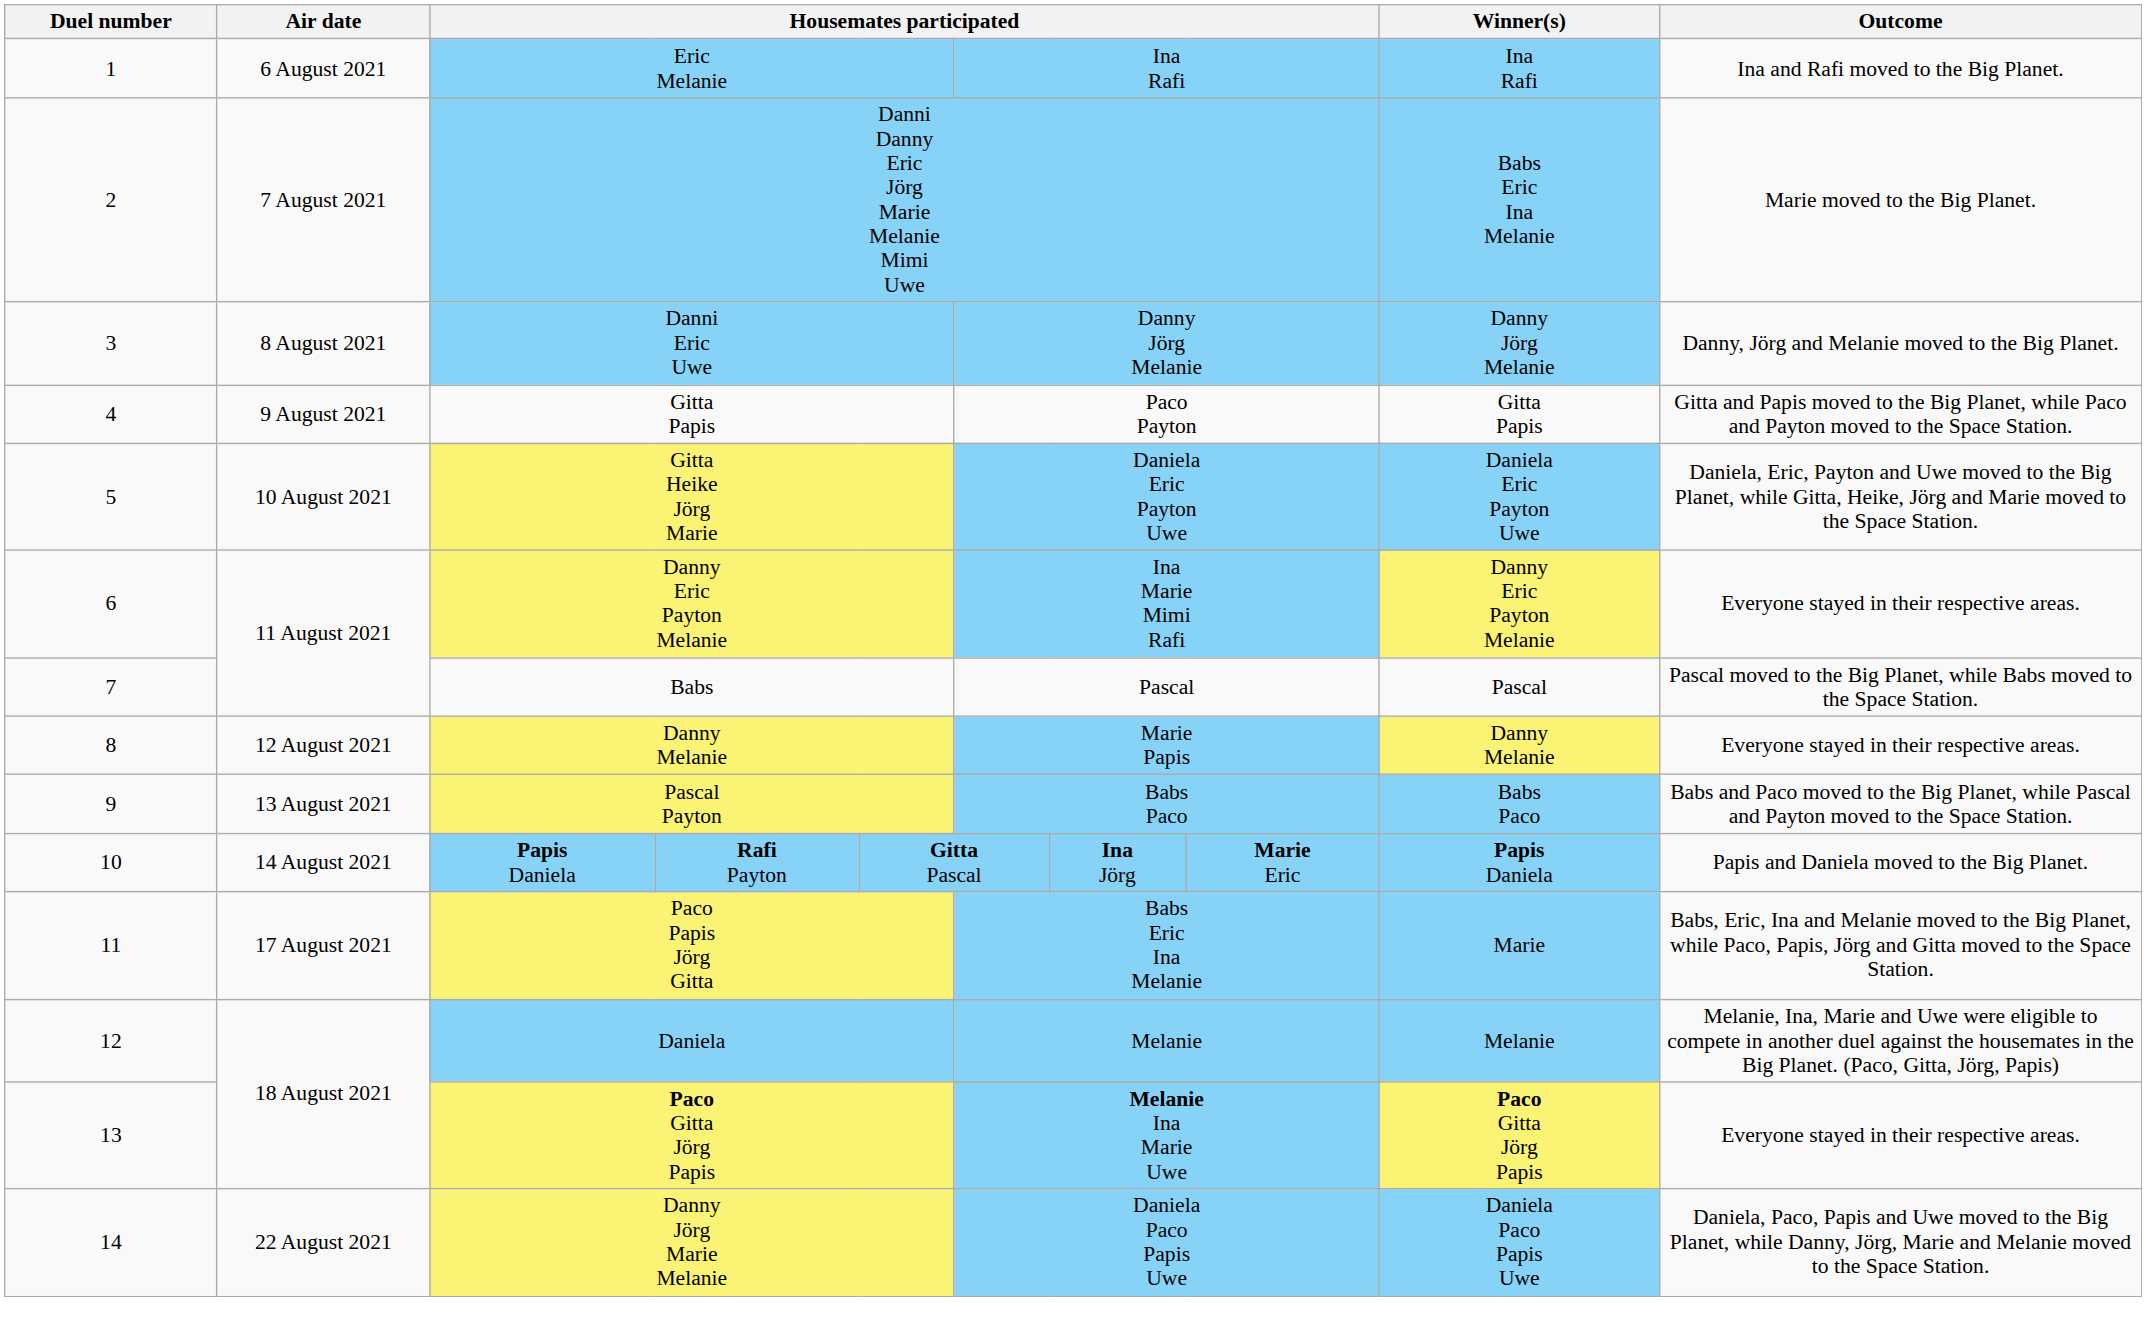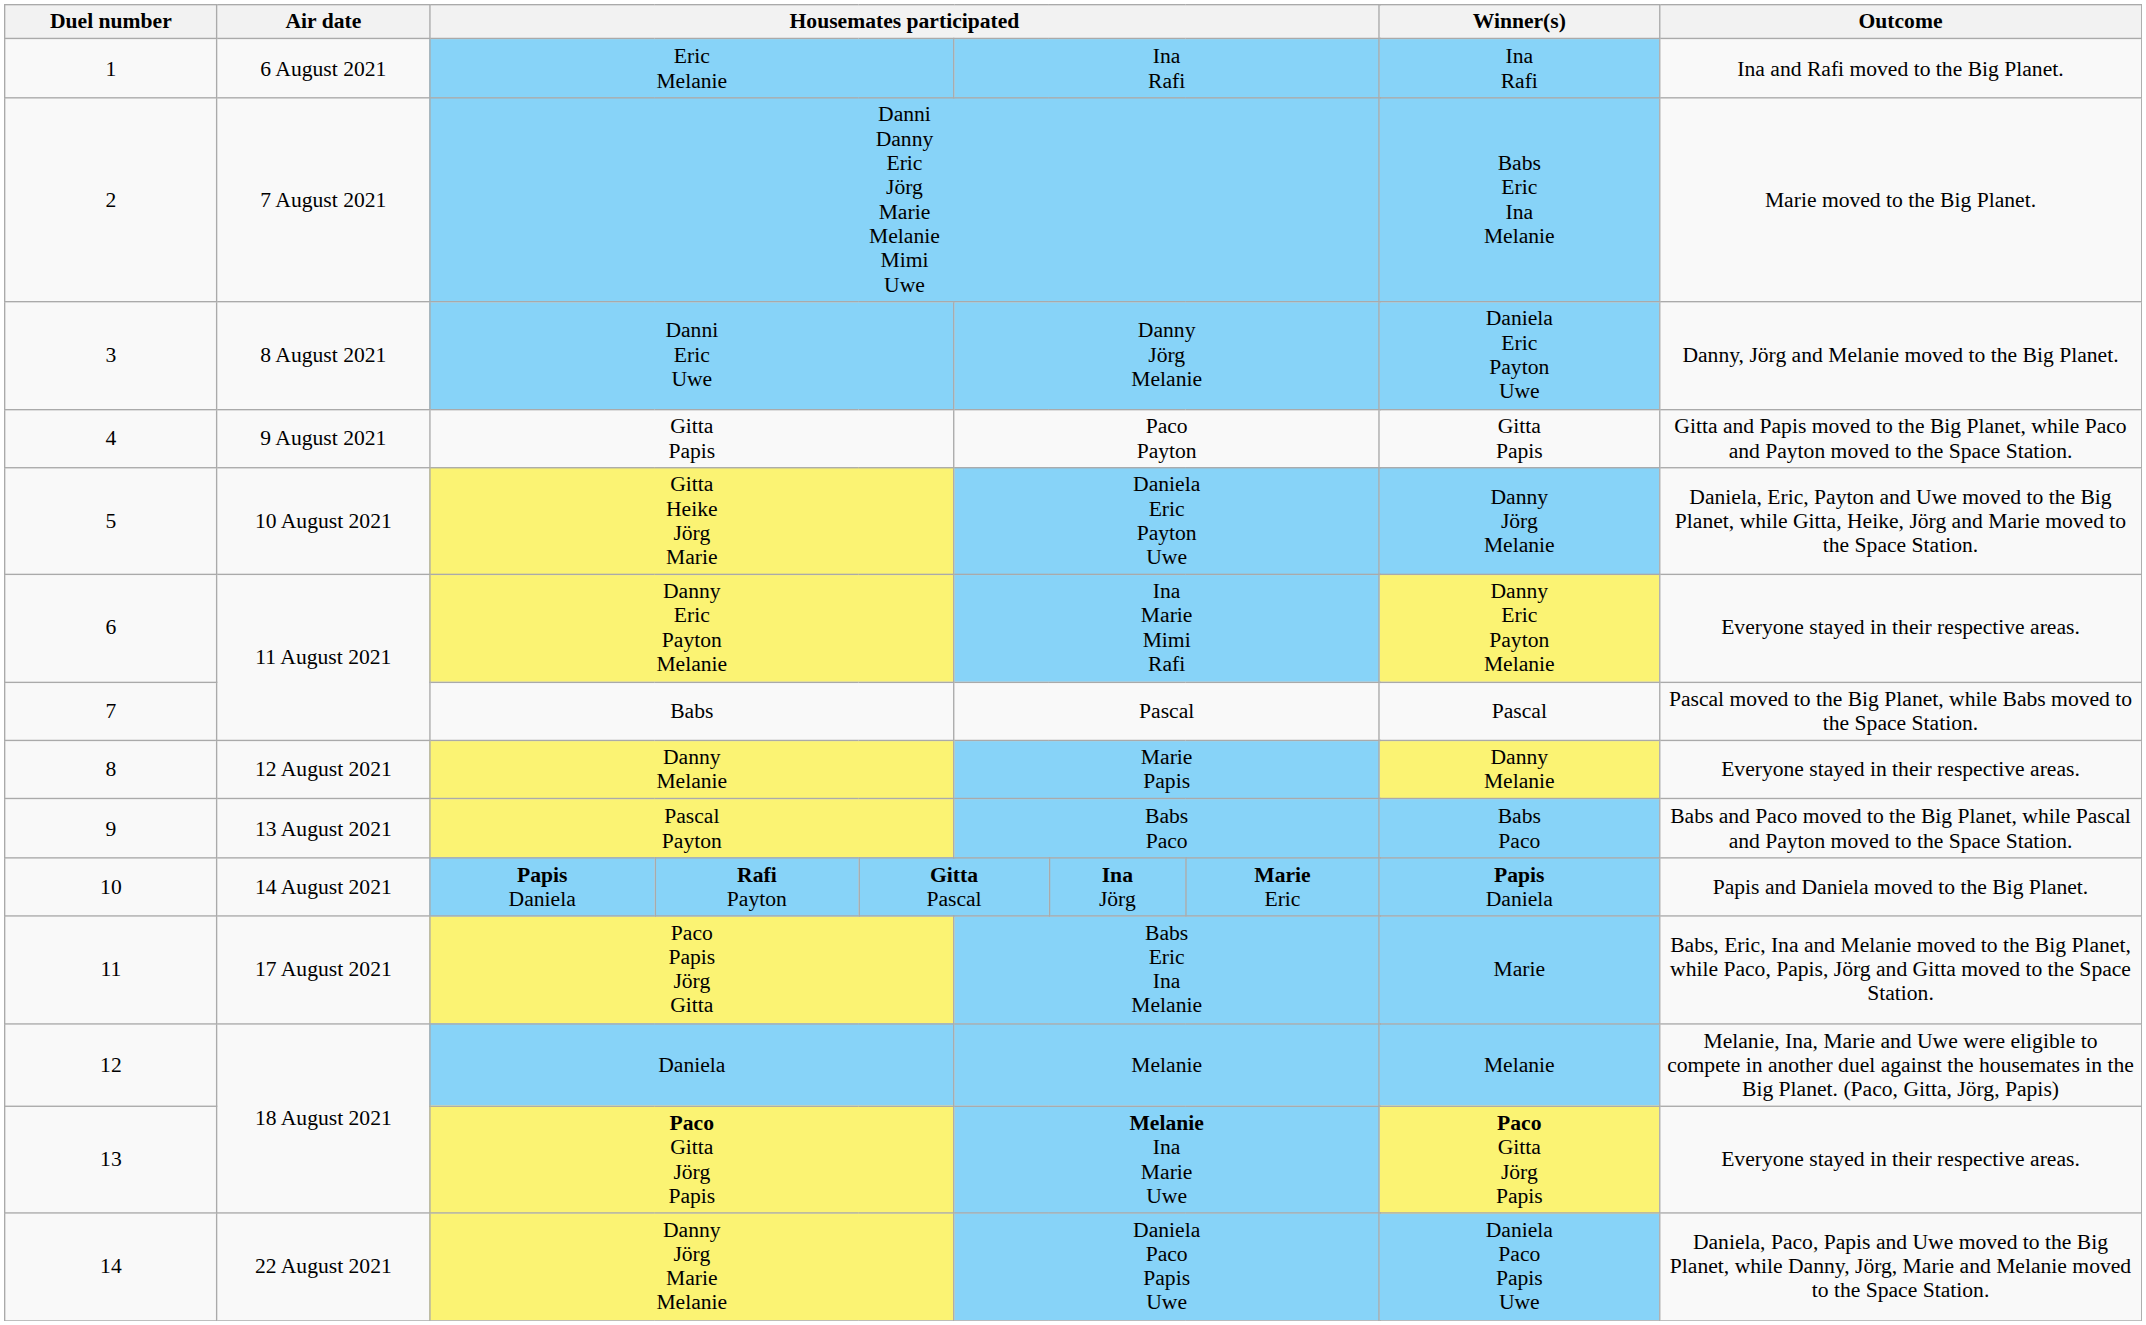 <table class="wikitable" style="width:100%; text-align:center;">
 <tr>
 <th scope="col" style="width:150px">Duel number</th>
 <th scope="col" style="width:150px">Air date</th>
 <th scope="col" style="width:600px" colspan="10">Housemates participated</th>
 <th scope="col" style="width:200px">Winner(s)</th>
 <th scope="col" style="width:350px">Outcome</th>
 </tr>
 <tr>
 <td>1</td>
 <td>6 August 2021</td>
 <td colspan="5" style="background-color:#87D3F8">Eric<br>Melanie</td>
 <td colspan="5" style="background-color:#87D3F8">Ina<br>Rafi</td>
 <td style="background-color:#87D3F8">Ina<br>Rafi</td>
 <td>Ina and Rafi moved to the Big Planet.</td>
 </tr>
 <tr>
 <td>2</td>
 <td>7 August 2021</td>
 <td style="background-color:#87D3F8" colspan="10">Danni<br>Danny<br>Eric<br>Jörg<br>Marie<br>Melanie<br>Mimi<br>Uwe</td>
 <td style="background-color:#87D3F8">Babs<br>Eric<br>Ina<br>Melanie</td>
 <td>Marie moved to the Big Planet.</td>
 </tr>
 <tr>
 <td>3</td>
 <td>8 August 2021</td>
 <td colspan="5" style="background-color:#87D3F8">Danni<br>Eric<br>Uwe</td>
 <td colspan="5" style="background-color:#87D3F8">Danny<br>Jörg<br>Melanie</td>
-<td style="background-color:#87D3F8">Danny<br>Jörg<br>Melanie</td>
+<td style="background-color:#87D3F8">Daniela<br>Eric<br>Payton<br>Uwe</td>
 <td>Danny, Jörg and Melanie moved to the Big Planet.</td>
 </tr>
 <tr>
 <td>4</td>
 <td>9 August 2021</td>
 <td colspan="5">Gitta<br>Papis</td>
 <td colspan="5">Paco<br>Payton</td>
 <td>Gitta<br>Papis</td>
 <td>Gitta and Papis moved to the Big Planet, while Paco and Payton moved to the Space Station.</td>
 </tr>
 <tr>
 <td>5</td>
 <td>10 August 2021</td>
 <td colspan="5" style="background-color:#FBF373">Gitta<br>Heike<br>Jörg<br>Marie</td>
 <td colspan="5" style="background-color:#87D3F8">Daniela<br>Eric<br>Payton<br>Uwe</td>
-<td style="background-color:#87D3F8">Daniela<br>Eric<br>Payton<br>Uwe</td>
+<td style="background-color:#87D3F8">Danny<br>Jörg<br>Melanie</td>
 <td>Daniela, Eric, Payton and Uwe moved to the Big Planet, while Gitta, Heike, Jörg and Marie moved to the Space Station.</td>
 </tr>
 <tr>
 <td>6</td>
 <td rowspan="2">11 August 2021</td>
 <td colspan="5" style="background-color:#FBF373">Danny<br>Eric<br>Payton<br>Melanie</td>
 <td colspan="5" style="background-color:#87D3F8">Ina<br>Marie<br>Mimi<br>Rafi</td>
 <td style="background-color:#FBF373">Danny<br>Eric<br>Payton<br>Melanie</td>
 <td>Everyone stayed in their respective areas.</td>
 </tr>
 <tr>
 <td>7</td>
 <td colspan="5">Babs</td>
 <td colspan="5">Pascal</td>
 <td>Pascal</td>
 <td>Pascal moved to the Big Planet, while Babs moved to the Space Station.</td>
 </tr>
 <tr>
 <td>8</td>
 <td>12 August 2021</td>
 <td colspan="5" style="background-color:#FBF373">Danny<br>Melanie</td>
 <td colspan="5" style="background-color:#87D3F8">Marie<br>Papis</td>
 <td style="background-color:#FBF373">Danny<br>Melanie</td>
 <td>Everyone stayed in their respective areas.</td>
 </tr>
 <tr>
 <td>9</td>
 <td>13 August 2021</td>
 <td colspan="5" style="background-color:#FBF373">Pascal<br>Payton</td>
 <td colspan="5" style="background-color:#87D3F8">Babs<br>Paco</td>
 <td style="background-color:#87D3F8">Babs<br>Paco</td>
 <td>Babs and Paco moved to the Big Planet, while Pascal and Payton moved to the Space Station.</td>
 </tr>
 <tr>
 <td>10</td>
 <td>14 August 2021</td>
 <td colspan="2" style="background-color:#87D3F8"><strong>Papis</strong><br>Daniela</td>
 <td colspan="2" style="background-color:#87D3F8"><strong>Rafi</strong><br>Payton</td>
 <td colspan="2" style="background-color:#87D3F8"><strong>Gitta</strong><br>Pascal</td>
 <td colspan="2" style="background-color:#87D3F8"><strong>Ina</strong><br>Jörg</td>
 <td colspan="2" style="background-color:#87D3F8"><strong>Marie</strong><br>Eric</td>
 <td style="background-color:#87D3F8"><strong>Papis</strong><br>Daniela</td>
 <td>Papis and Daniela moved to the Big Planet.</td>
 </tr>
 <tr>
 <td>11</td>
 <td>17 August 2021</td>
 <td colspan="5" style="background-color:#FBF373">Paco<br>Papis<br>Jörg<br>Gitta</td>
 <td colspan="5" style="background-color:#87D3F8">Babs<br>Eric<br>Ina<br>Melanie</td>
 <td style="background-color:#87D3F8">Marie</td>
 <td>Babs, Eric, Ina and Melanie moved to the Big Planet, while Paco, Papis, Jörg and Gitta moved to the Space Station.</td>
 </tr>
 <tr>
 <td>12</td>
 <td rowspan="2">18 August 2021</td>
 <td colspan="5" style="background-color:#87D3F8">Daniela</td>
 <td colspan="5" style="background-color:#87D3F8">Melanie</td>
 <td style="background-color:#87D3F8">Melanie</td>
 <td>Melanie, Ina, Marie and Uwe were eligible to compete in another duel against the housemates in the Big Planet. (Paco, Gitta, Jörg, Papis)</td>
 </tr>
 <tr>
 <td>13</td>
 <td colspan="5" style="background-color:#FBF373"><strong>Paco</strong><br>Gitta<br>Jörg<br>Papis</td>
 <td colspan="5" style="background-color:#87D3F8"><strong>Melanie</strong><br>Ina<br>Marie<br>Uwe</td>
 <td style="background-color:#FBF373"><strong>Paco</strong><br>Gitta<br>Jörg<br>Papis</td>
 <td>Everyone stayed in their respective areas.</td>
 </tr>
 <tr>
 <td>14</td>
 <td>22 August 2021</td>
 <td colspan="5" style="background-color:#FBF373">Danny<br>Jörg<br>Marie<br>Melanie</td>
 <td colspan="5" style="background-color:#87D3F8">Daniela<br>Paco<br>Papis<br>Uwe</td>
 <td style="background-color:#87D3F8">Daniela<br>Paco<br>Papis<br>Uwe</td>
 <td>Daniela, Paco, Papis and Uwe moved to the Big Planet, while Danny, Jörg, Marie and Melanie moved to the Space Station.</td>
 </tr>
 </table>
